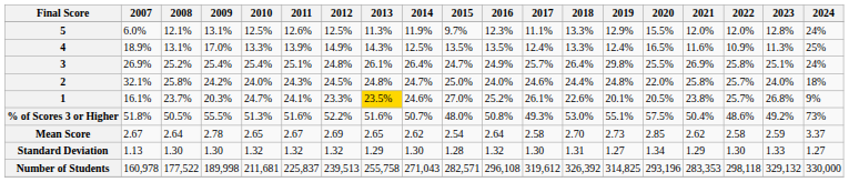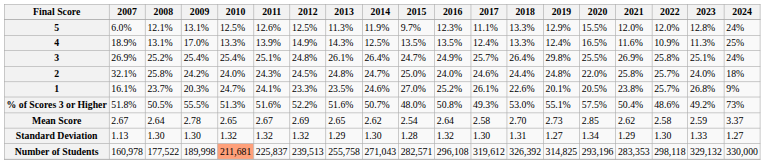 <table class="wikitable">
 <tr>
 <th>Final Score</th>
 <th>2007</th>
 <th>2008</th>
 <th>2009</th>
 <th>2010</th>
 <th>2011</th>
 <th>2012</th>
 <th>2013</th>
 <th>2014</th>
 <th>2015</th>
 <th>2016</th>
 <th>2017</th>
 <th>2018</th>
 <th>2019</th>
 <th>2020</th>
 <th>2021</th>
 <th>2022</th>
 <th>2023</th>
 <th>2024</th>
 </tr>
 <tr>
 </tr>
 <tr>
 </tr>
 <tr>
 <th>5</th>
 <td>6.0%</td>
 <td>12.1%</td>
 <td>13.1%</td>
 <td>12.5%</td>
 <td>12.6%</td>
 <td>12.5%</td>
 <td>11.3%</td>
 <td>11.9%</td>
 <td>9.7%</td>
 <td>12.3%</td>
 <td>11.1%</td>
 <td>13.3%</td>
 <td>12.9%</td>
 <td>15.5%</td>
 <td>12.0%</td>
 <td>12.0%</td>
 <td>12.8%</td>
 <td>24%</td>
 </tr>
 <tr>
 <th>4</th>
 <td>18.9%</td>
 <td>13.1%</td>
 <td>17.0%</td>
 <td>13.3%</td>
 <td>13.9%</td>
 <td>14.9%</td>
 <td>14.3%</td>
 <td>12.5%</td>
 <td>13.5%</td>
 <td>13.5%</td>
 <td>12.4%</td>
 <td>13.3%</td>
 <td>12.4%</td>
 <td>16.5%</td>
 <td>11.6%</td>
 <td>10.9%</td>
 <td>11.3%</td>
 <td>25%</td>
 </tr>
 <tr>
 <th>3</th>
 <td>26.9%</td>
 <td>25.2%</td>
 <td>25.4%</td>
 <td>25.4%</td>
 <td>25.1%</td>
 <td>24.8%</td>
 <td>26.1%</td>
 <td>26.4%</td>
 <td>24.7%</td>
 <td>24.9%</td>
 <td>25.7%</td>
 <td>26.4%</td>
 <td>29.8%</td>
 <td>25.5%</td>
 <td>26.9%</td>
 <td>25.8%</td>
 <td>25.1%</td>
 <td>24%</td>
 </tr>
 <tr>
 <th>2</th>
 <td>32.1%</td>
 <td>25.8%</td>
 <td>24.2%</td>
 <td>24.0%</td>
 <td>24.3%</td>
 <td>24.5%</td>
 <td>24.8%</td>
 <td>24.7%</td>
 <td>25.0%</td>
 <td>24.0%</td>
 <td>24.6%</td>
 <td>24.4%</td>
 <td>24.8%</td>
 <td>22.0%</td>
 <td>25.8%</td>
 <td>25.7%</td>
 <td>24.0%</td>
 <td>18%</td>
 </tr>
 <tr>
 <th>1</th>
 <td>16.1%</td>
 <td>23.7%</td>
 <td>20.3%</td>
 <td>24.7%</td>
 <td>24.1%</td>
 <td>23.3%</td>
-<td style="background: gold;">23.5%</td>
+<td>23.5%</td>
 <td>24.6%</td>
 <td>27.0%</td>
 <td>25.2%</td>
 <td>26.1%</td>
 <td>22.6%</td>
 <td>20.1%</td>
 <td>20.5%</td>
 <td>23.8%</td>
 <td>25.7%</td>
 <td>26.8%</td>
 <td>9%</td>
 </tr>
 <tr>
 <th>% of Scores 3 or Higher</th>
 <td>51.8%</td>
 <td>50.5%</td>
 <td>55.5%</td>
 <td>51.3%</td>
 <td>51.6%</td>
 <td>52.2%</td>
 <td>51.6%</td>
 <td>50.7%</td>
 <td>48.0%</td>
 <td>50.8%</td>
 <td>49.3%</td>
 <td>53.0%</td>
 <td>55.1%</td>
 <td>57.5%</td>
 <td>50.4%</td>
 <td>48.6%</td>
 <td>49.2%</td>
 <td>73%</td>
 </tr>
 <tr>
 <th>Mean Score</th>
 <td>2.67</td>
 <td>2.64</td>
 <td>2.78</td>
 <td>2.65</td>
 <td>2.67</td>
 <td>2.69</td>
 <td>2.65</td>
 <td>2.62</td>
 <td>2.54</td>
 <td>2.64</td>
 <td>2.58</td>
 <td>2.70</td>
 <td>2.73</td>
 <td>2.85</td>
 <td>2.62</td>
 <td>2.58</td>
 <td>2.59</td>
 <td>3.37</td>
 </tr>
 <tr>
 <th>Standard Deviation</th>
 <td>1.13</td>
 <td>1.30</td>
 <td>1.30</td>
 <td>1.32</td>
 <td>1.32</td>
 <td>1.32</td>
 <td>1.29</td>
 <td>1.30</td>
 <td>1.28</td>
 <td>1.32</td>
 <td>1.30</td>
 <td>1.31</td>
 <td>1.27</td>
 <td>1.34</td>
 <td>1.29</td>
 <td>1.30</td>
 <td>1.33</td>
 <td>1.27</td>
 </tr>
 <tr>
 <th>Number of Students</th>
 <td>160,978</td>
 <td>177,522</td>
 <td>189,998</td>
-<td>211,681</td>
+<td style="background: lightsalmon;">211,681</td>
 <td>225,837</td>
 <td>239,513</td>
 <td>255,758</td>
 <td>271,043</td>
 <td>282,571</td>
 <td>296,108</td>
 <td>319,612</td>
 <td>326,392</td>
 <td>314,825</td>
 <td>293,196</td>
 <td>283,353</td>
 <td>298,118</td>
 <td>329,132</td>
 <td>330,000</td>
 </tr>
 <tr>
 </tr>
 </table>
